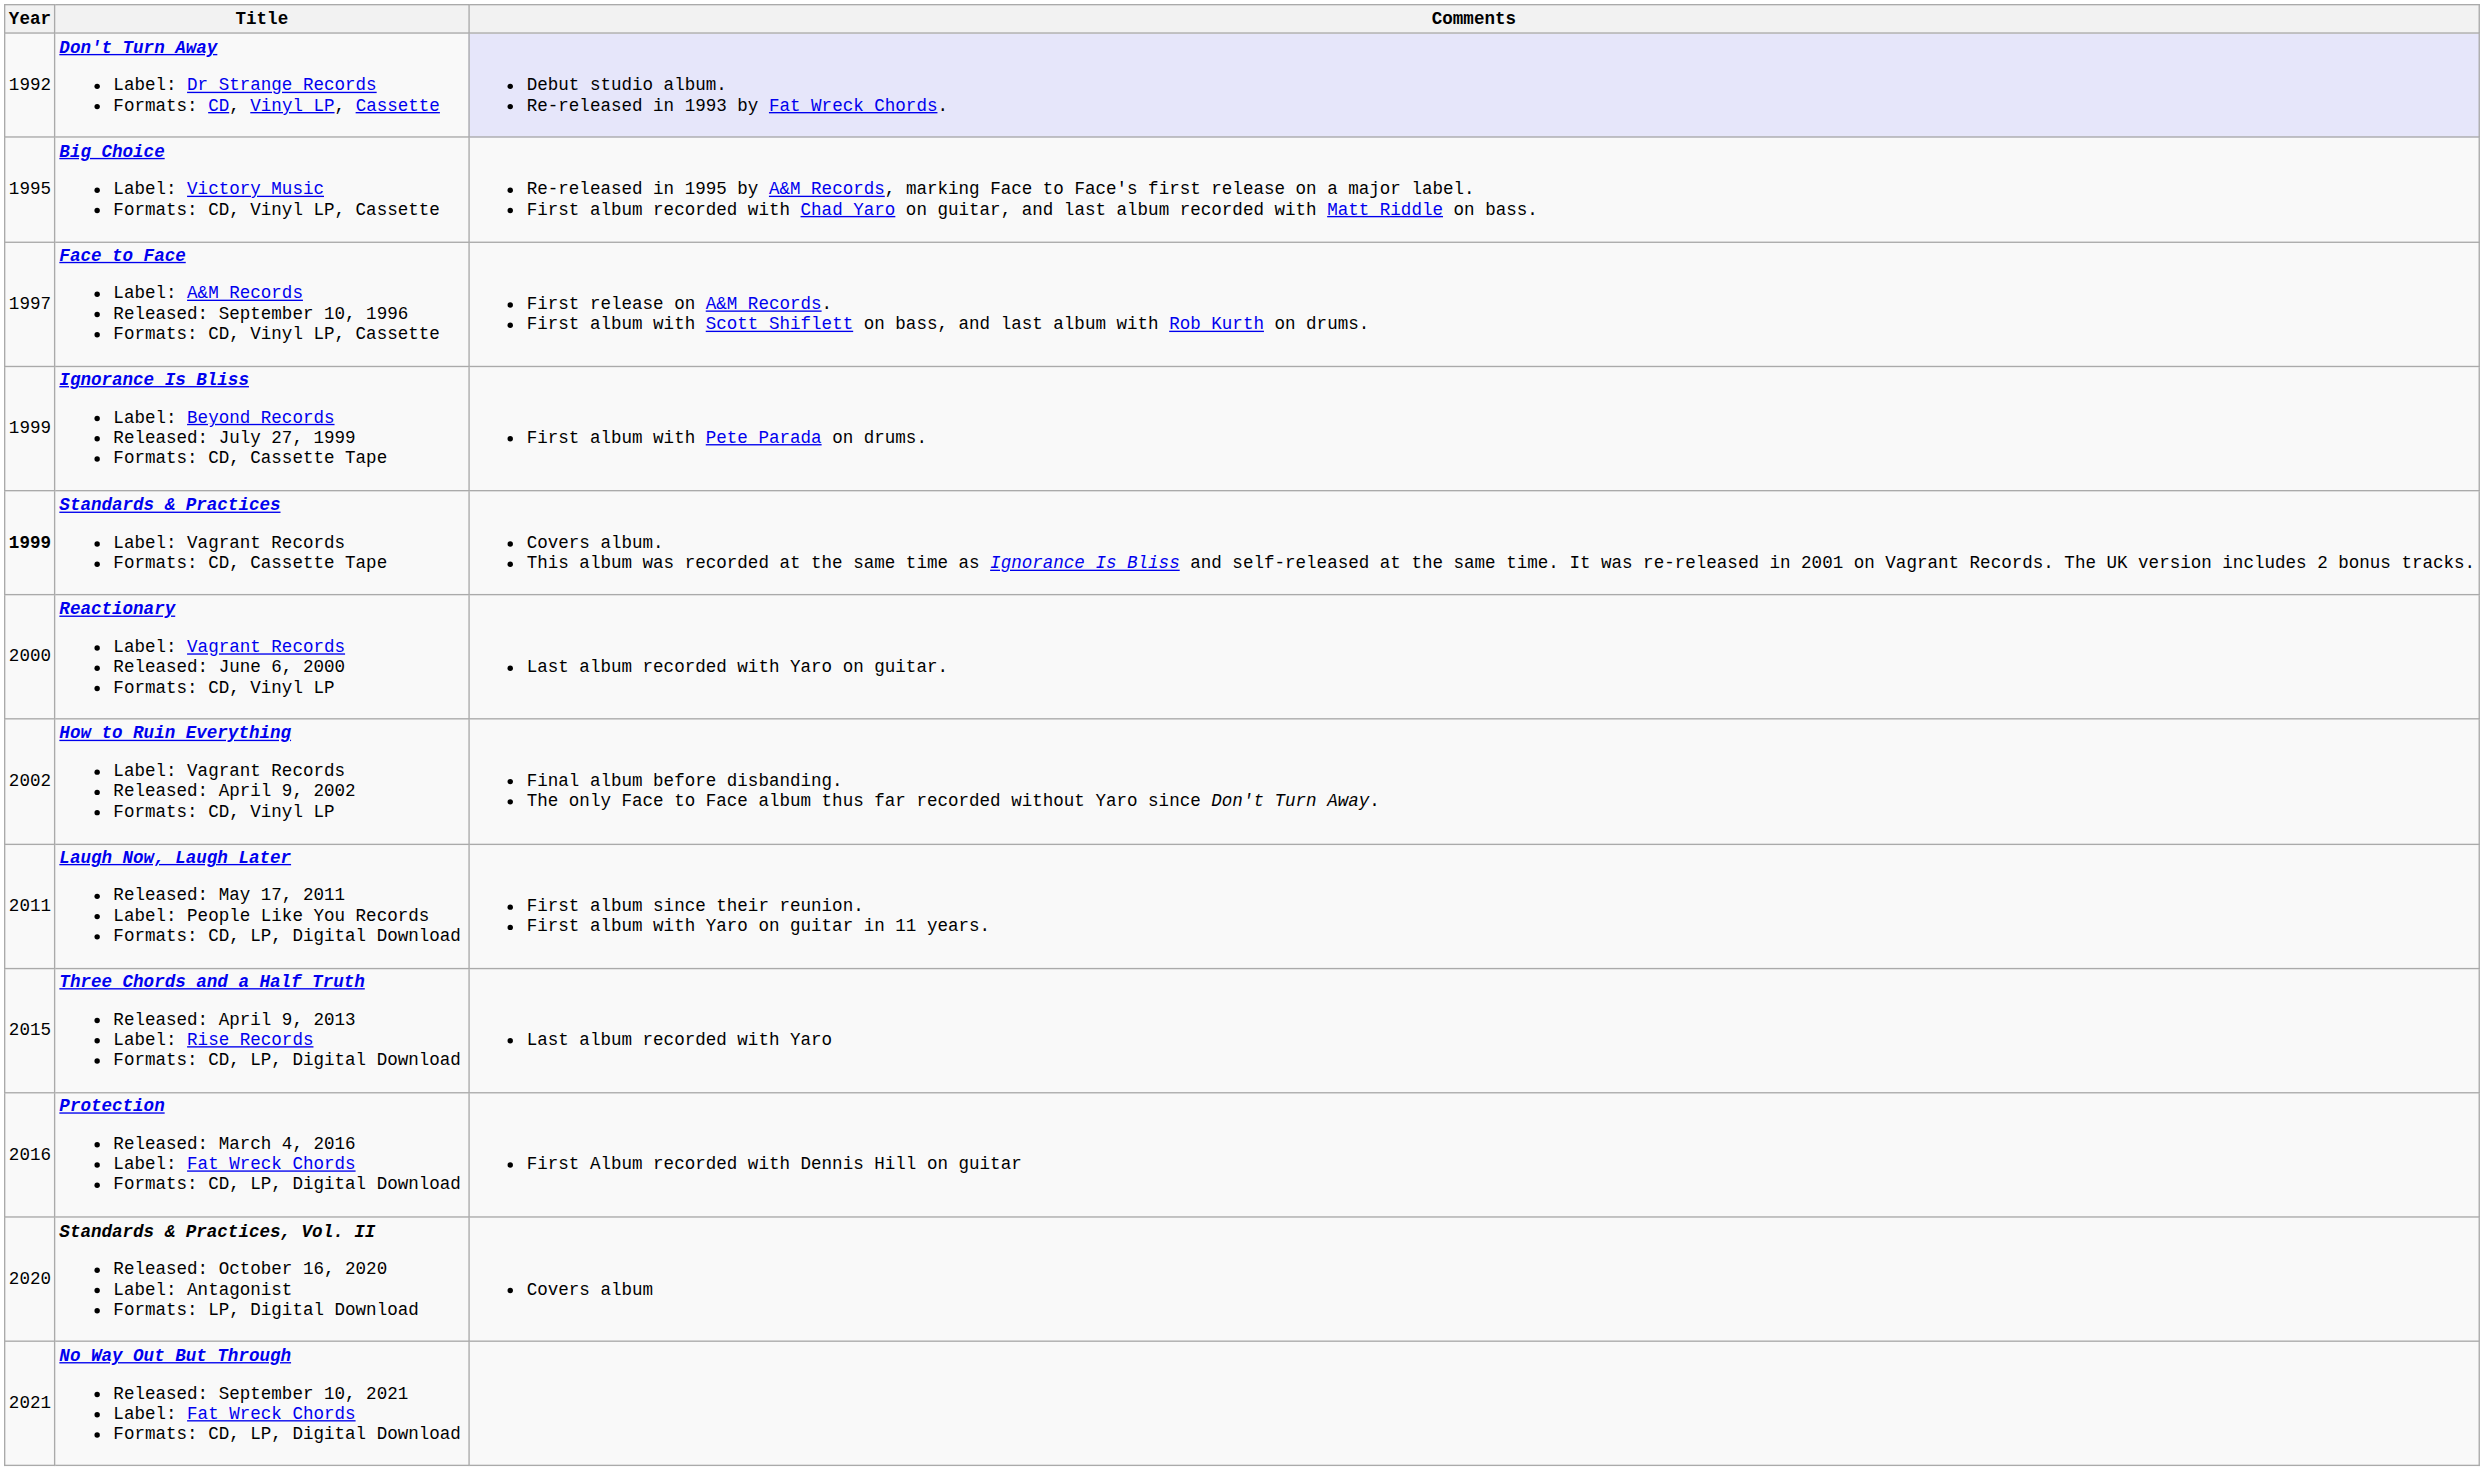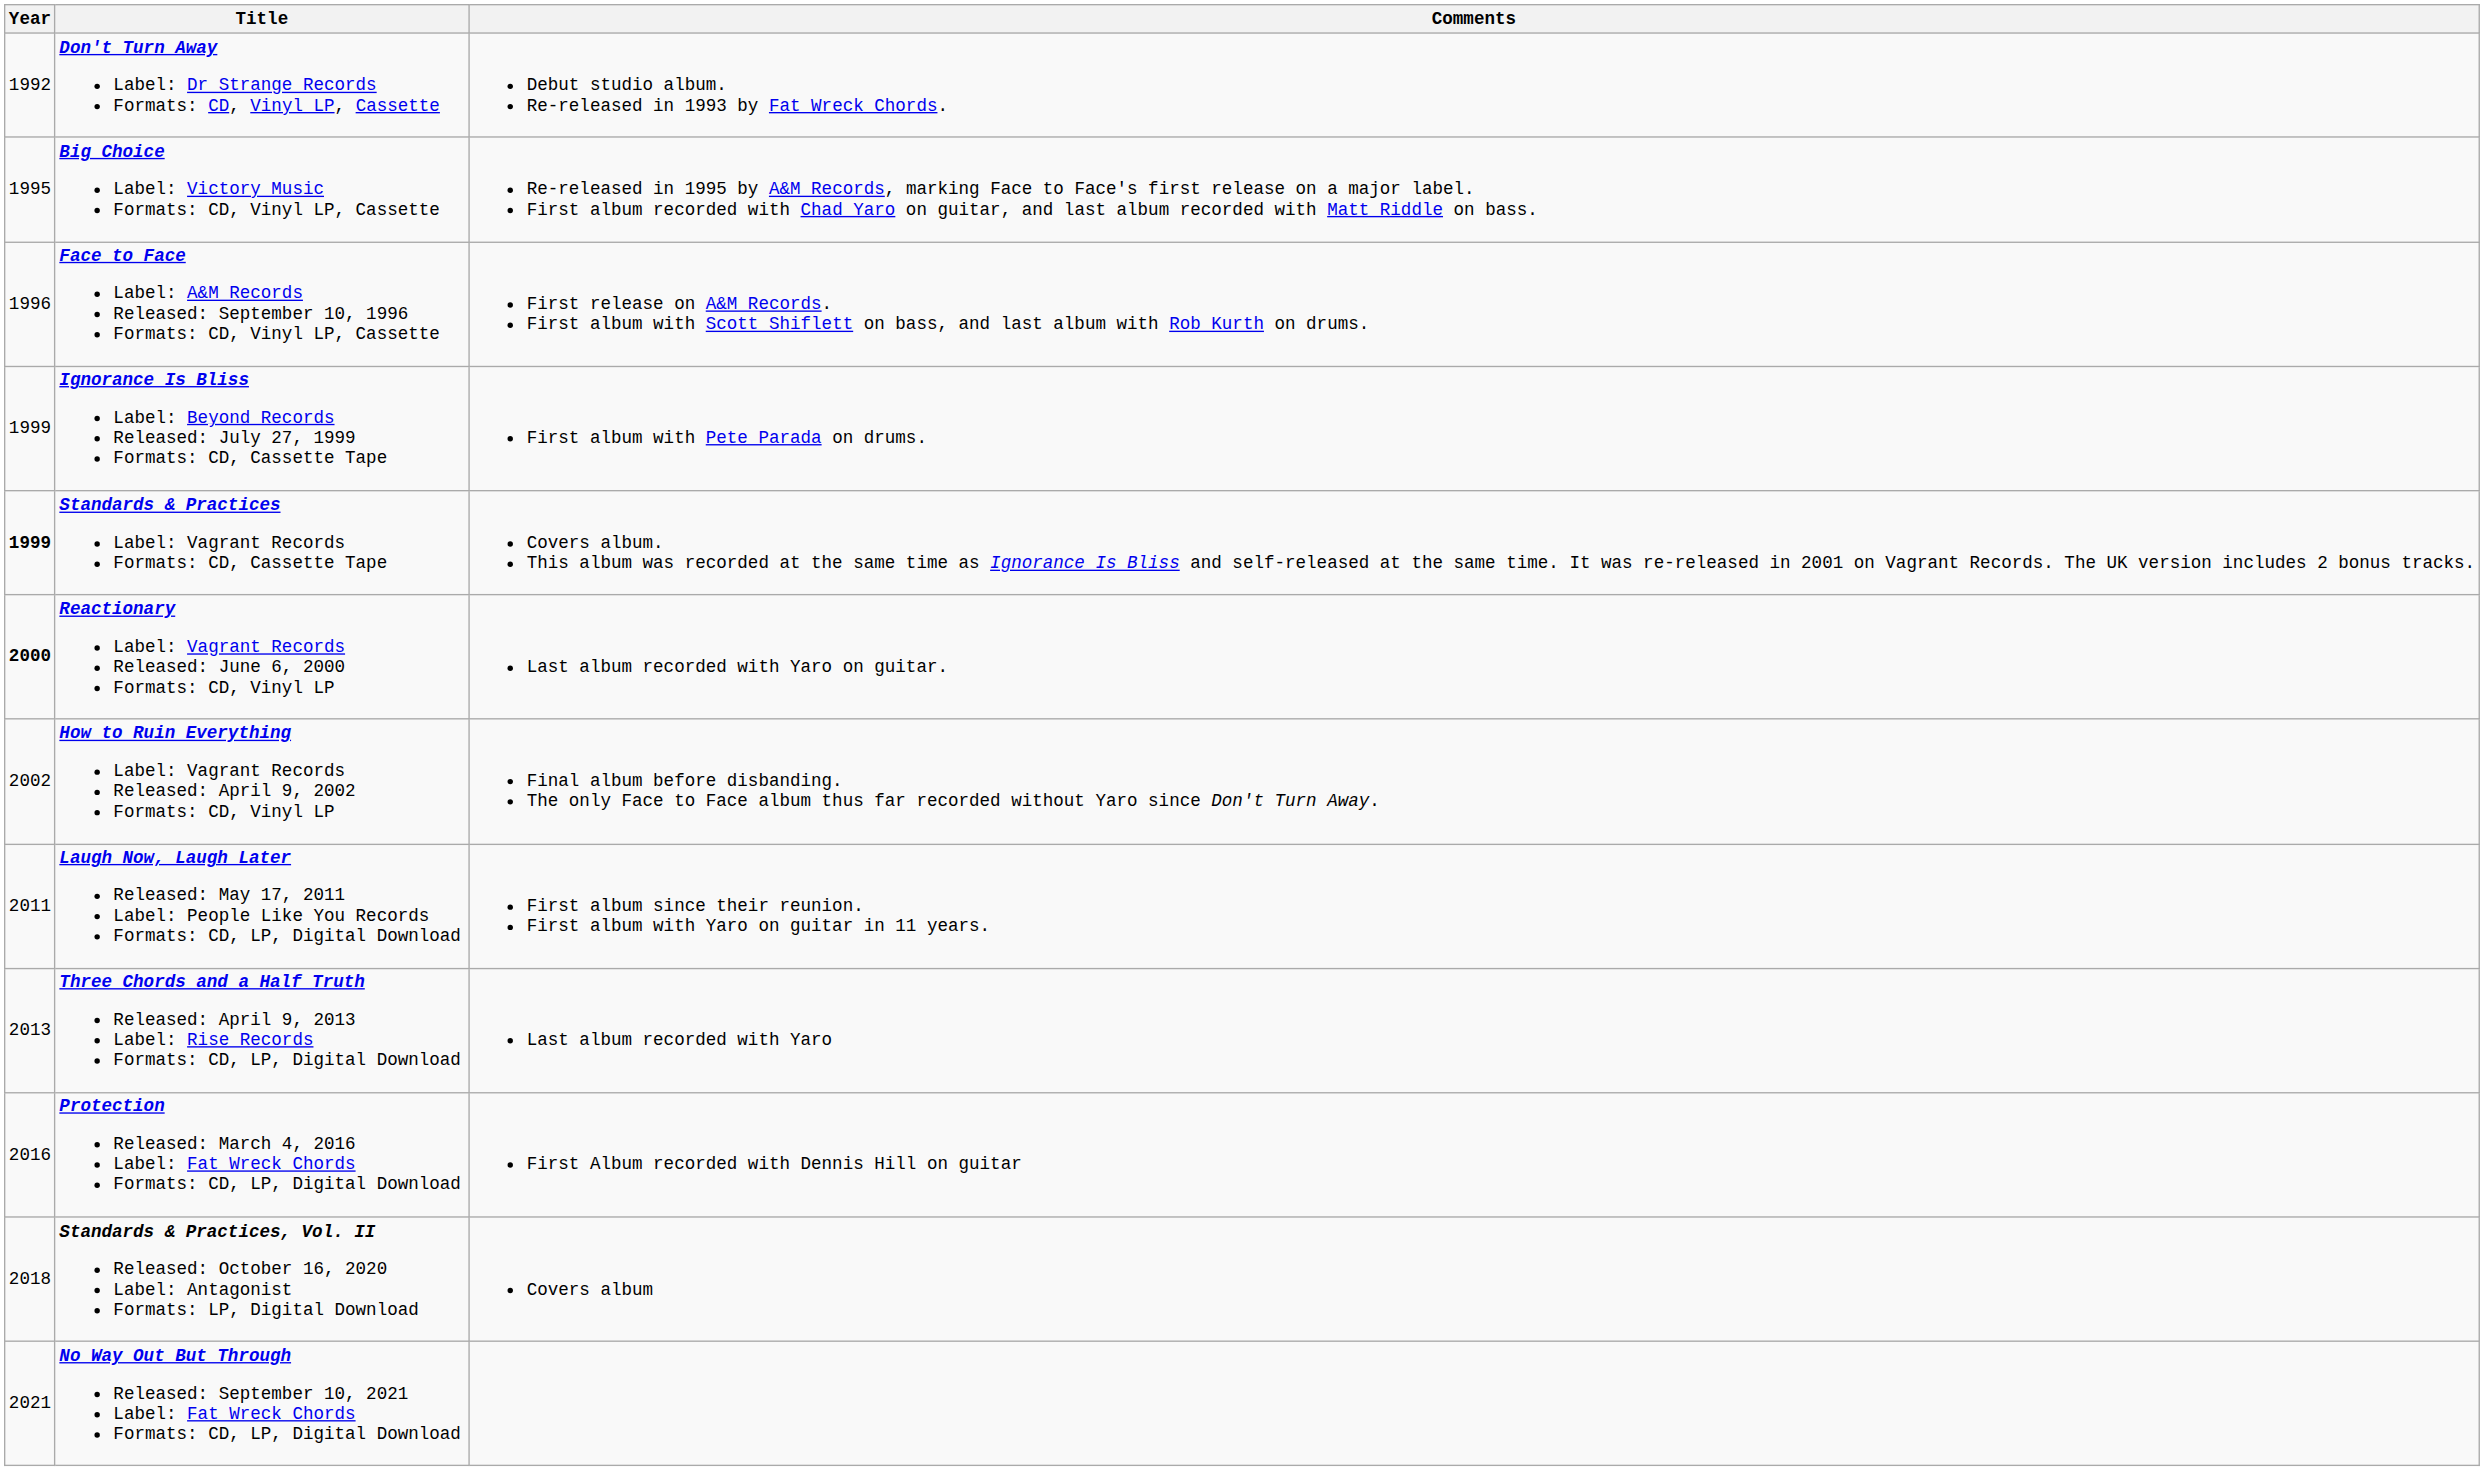 <table class="wikitable" style="text-align:left;">
 <tr>
 <th>Year</th>
 <th width="300">Title</th>
 <th>Comments</th>
 </tr>
 <tr>
 <td>1992</td>
 <td><strong><em><a href='#'>Don't Turn Away</a></em></strong><br><ul><li>Label: <a href='#'>Dr Strange Records</a></li><li>Formats: <a href='#'>CD</a>, <a href='#'>Vinyl LP</a>, <a href='#'>Cassette</a></li></ul></td>
-<td style="background: lavender;"><br><ul><li>Debut studio album.</li><li>Re-released in 1993 by <a href='#'>Fat Wreck Chords</a>.</li></ul></td>
+<td><br><ul><li>Debut studio album.</li><li>Re-released in 1993 by <a href='#'>Fat Wreck Chords</a>.</li></ul></td>
 </tr>
 <tr>
 <td>1995</td>
 <td><strong><em><a href='#'>Big Choice</a></em></strong><br><ul><li>Label: <a href='#'>Victory Music</a></li><li>Formats: CD, Vinyl LP, Cassette</li></ul></td>
 <td><br><ul><li>Re-released in 1995 by <a href='#'>A&M Records</a>, marking Face to Face's first release on a major label.</li><li>First album recorded with <a href='#'>Chad Yaro</a> on guitar, and last album recorded with <a href='#'>Matt Riddle</a> on bass.</li></ul></td>
 </tr>
 <tr>
-<td>1997</td>
+<td>1996</td>
 <td><strong><em><a href='#'>Face to Face</a></em></strong><br><ul><li>Label: <a href='#'>A&M Records</a></li><li>Released: September 10, 1996</li><li>Formats: CD, Vinyl LP, Cassette</li></ul></td>
 <td><br><ul><li>First release on <a href='#'>A&M Records</a>.</li><li>First album with <a href='#'>Scott Shiflett</a> on bass, and last album with <a href='#'>Rob Kurth</a> on drums.</li></ul></td>
 </tr>
 <tr>
 <td>1999</td>
 <td><strong><em><a href='#'>Ignorance Is Bliss</a></em></strong><br><ul><li>Label: <a href='#'>Beyond Records</a></li><li>Released: July 27, 1999</li><li>Formats: CD, Cassette Tape</li></ul></td>
 <td><br><ul><li>First album with <a href='#'>Pete Parada</a> on drums.</li></ul></td>
 </tr>
 <tr>
 <td><strong>1999</strong></td>
 <td><strong><em><a href='#'>Standards & Practices</a></em></strong><br><ul><li>Label: Vagrant Records</li><li>Formats: CD, Cassette Tape</li></ul></td>
 <td><br><ul><li>Covers album.</li><li>This album was recorded at the same time as <em><a href='#'>Ignorance Is Bliss</a></em> and self-released at the same time. It was re-released in 2001 on Vagrant Records. The UK version includes 2 bonus tracks.</li></ul></td>
 </tr>
 <tr>
-<td>2000</td>
+<td><strong>2000</strong></td>
 <td><strong><em><a href='#'>Reactionary</a></em></strong><br><ul><li>Label: <a href='#'>Vagrant Records</a></li><li>Released: June 6, 2000</li><li>Formats: CD, Vinyl LP</li></ul></td>
 <td><br><ul><li>Last album recorded with Yaro on guitar.</li></ul></td>
 </tr>
 <tr>
 <td>2002</td>
 <td><strong><em><a href='#'>How to Ruin Everything</a></em></strong><br><ul><li>Label: Vagrant Records</li><li>Released: April 9, 2002</li><li>Formats: CD, Vinyl LP</li></ul></td>
 <td><br><ul><li>Final album before disbanding.</li><li>The only Face to Face album thus far recorded without Yaro since <em>Don't Turn Away</em>.</li></ul></td>
 </tr>
 <tr>
 <td>2011</td>
 <td><strong><em><a href='#'>Laugh Now, Laugh Later</a></em></strong><br><ul><li>Released: May 17, 2011</li><li>Label: People Like You Records</li><li>Formats: CD, LP, Digital Download</li></ul></td>
 <td><br><ul><li>First album since their reunion.</li><li>First album with Yaro on guitar in 11 years.</li></ul></td>
 </tr>
 <tr>
-<td>2015</td>
+<td>2013</td>
 <td><strong><em><a href='#'>Three Chords and a Half Truth</a></em></strong><br><ul><li>Released: April 9, 2013</li><li>Label: <a href='#'>Rise Records</a></li><li>Formats: CD, LP, Digital Download</li></ul></td>
 <td><br><ul><li>Last album recorded with Yaro</li></ul></td>
 </tr>
 <tr>
 <td>2016</td>
 <td><strong><em><a href='#'>Protection</a></em></strong><br><ul><li>Released: March 4, 2016</li><li>Label: <a href='#'>Fat Wreck Chords</a></li><li>Formats: CD, LP, Digital Download</li></ul></td>
 <td><br><ul><li>First Album recorded with Dennis Hill on guitar</li></ul></td>
 </tr>
 <tr>
-<td>2020</td>
+<td>2018</td>
 <td><strong><em>Standards & Practices, Vol. II</em></strong><br><ul><li>Released: October 16, 2020</li><li>Label: Antagonist</li><li>Formats: LP, Digital Download</li></ul></td>
 <td><br><ul><li>Covers album</li></ul></td>
 </tr>
 <tr>
 <td>2021</td>
 <td><strong><em><a href='#'>No Way Out But Through</a></em></strong><br><ul><li>Released: September 10, 2021</li><li>Label: <a href='#'>Fat Wreck Chords</a></li><li>Formats: CD, LP, Digital Download</li></ul></td>
 <td></td>
 </tr>
 </table>
